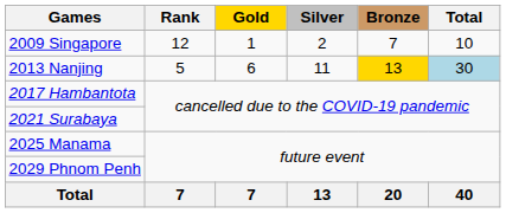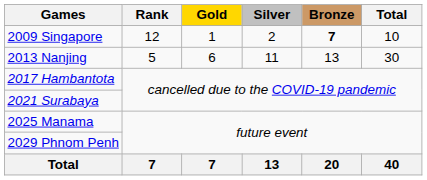 <table class="wikitable sortable" style="margin-top:0em; text-align:center; font-size:100%;">
 <tr>
 <th>Games</th>
 <th style="width:4em;">Rank</th>
 <th style="background:gold; width:4em;"><strong>Gold</strong></th>
 <th style="background:silver; width:4em;"><strong>Silver</strong></th>
 <th style="background:#cc9966; width:4em;"><strong>Bronze</strong></th>
 <th style="width:4em;">Total</th>
 </tr>
 <tr>
 <td align=left> <a href='#'>2009 Singapore</a></td>
 <td>12</td>
 <td>1</td>
 <td>2</td>
-<td>7</td>
+<td><strong>7</strong></td>
 <td>10</td>
 </tr>
 <tr>
 <td align=left> <a href='#'>2013 Nanjing</a></td>
 <td>5</td>
 <td>6</td>
 <td>11</td>
-<td style="background: gold;">13</td>
-<td style="background: lightblue;">30</td>
+<td>13</td>
+<td>30</td>
 </tr>
 <tr>
 <td align=left><em><a href='#'>2017 Hambantota</a></em></td>
 <td colspan=5 rowspan=2><em>cancelled due to the <a href='#'>COVID-19 pandemic</a></em></td>
 </tr>
 <tr>
 <td align=left><em><a href='#'>2021 Surabaya</a></em></td>
 </tr>
 <tr>
 <td align=left> <a href='#'>2025 Manama</a></td>
 <td colspan=5 rowspan=2><em>future event</em></td>
 </tr>
 <tr>
 <td align=left> <a href='#'>2029 Phnom Penh</a></td>
 </tr>
 <tr>
 <th>Total</th>
 <th>7</th>
 <th>7</th>
 <th>13</th>
 <th>20</th>
 <th>40</th>
 </tr>
 </table>
